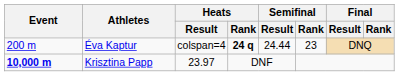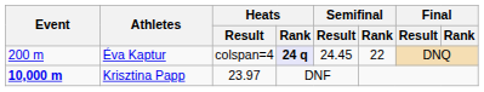 <table class="wikitable" border="1" style="font-size:90%">
 <tr>
 <th rowspan="2" width=100>Event</th>
 <th rowspan="2" width=120>Athletes</th>
 <th colspan="2">Heats</th>
 <th colspan="2">Semifinal</th>
 <th colspan="2">Final</th>
 </tr>
 <tr>
 <th>Result</th>
 <th>Rank</th>
 <th>Result</th>
 <th>Rank</th>
 <th>Result</th>
 <th>Rank</th>
 </tr>
 <tr>
 <td><a href='#'>200 m</a></td>
 <td><a href='#'>Éva Kaptur</a></td>
 <td>colspan=4 </td>
-<td align=center><strong>24 q</strong></td>
-<td align=center>24.44</td>
-<td align=center>23</td>
+<td align=center style="background: lavender;"><strong>24 q</strong></td>
+<td align=center>24.45</td>
+<td align=center>22</td>
 <td colspan=2 align=center bgcolor="wheat">DNQ</td>
 </tr>
 <tr>
 <td><strong><a href='#'>10,000 m</a></strong></td>
 <td><a href='#'>Krisztina Papp</a></td>
 <td align=center>23.97</td>
 <td colspan=2 align=center>DNF</td>
 </tr>
 </table>
